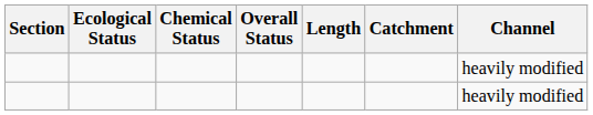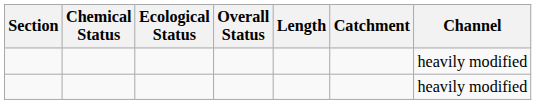 <table class="wikitable">
 <tr>
 <th>Section</th>
+<th>Chemical<br>Status</th>
 <th>Ecological<br>Status</th>
-<th>Chemical<br>Status</th>
 <th>Overall<br>Status</th>
 <th>Length</th>
 <th>Catchment</th>
 <th>Channel</th>
 </tr>
 <tr>
 <td></td>
 <td></td>
 <td></td>
 <td></td>
 <td></td>
 <td></td>
 <td>heavily modified</td>
 </tr>
 <tr>
 <td></td>
 <td></td>
 <td></td>
 <td></td>
 <td></td>
 <td></td>
 <td>heavily modified</td>
 </tr>
 </table>
